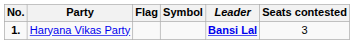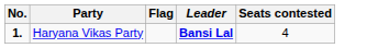 <table class="wikitable">
 <tr>
 <th>No.</th>
 <th>Party</th>
 <th><strong>Flag</strong></th>
-<th>Symbol</th>
 <th><em>Leader</em></th>
 <th>Seats contested</th>
 </tr>
 <tr>
 <td ! style="text-align:center; background:"><strong>1.</strong></td>
 <td style="text-align:center"><a href='#'>Haryana Vikas Party</a></td>
 <td></td>
-<td></td>
 <td style="text-align:center"><strong><a href='#'>Bansi Lal</a></strong></td>
-<td style="text-align:center">3</td>
+<td style="text-align:center">4</td>
 </tr>
 </table>
